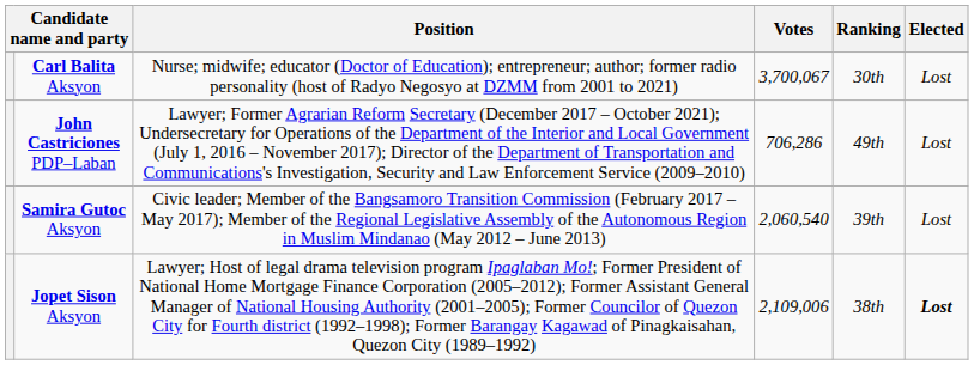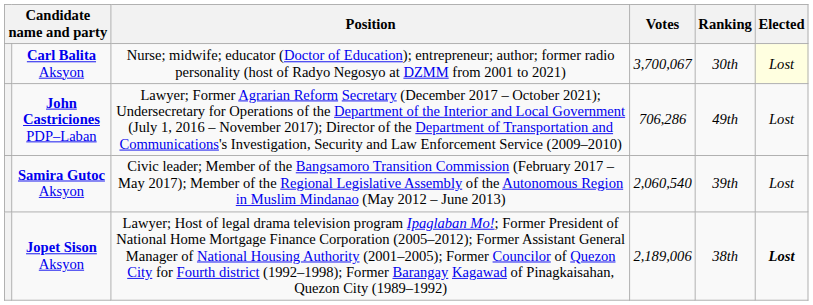 <table class="wikitable" style="margin-left: auto; margin-right: auto; border: none; text-align:center; font-size:100%">
 <tr>
 <th colspan="2">Candidate name and party</th>
 <th>Position</th>
 <th>Votes</th>
 <th>Ranking</th>
 <th>Elected</th>
 </tr>
 <tr>
 <th style="background:"></th>
 <td><strong><a href='#'>Carl Balita</a></strong><br><a href='#'>Aksyon</a></td>
 <td>Nurse; midwife; educator (<a href='#'>Doctor of Education</a>); entrepreneur; author; former radio personality (host of Radyo Negosyo at <a href='#'>DZMM</a> from 2001 to 2021)</td>
 <td><em>3,700,067</em></td>
 <td><em>30th</em></td>
-<td><em>Lost</em></td>
+<td style="background: lightyellow;"><em>Lost</em></td>
 </tr>
 <tr>
 <th style="background:"></th>
 <td><strong><a href='#'>John Castriciones</a></strong><br><a href='#'>PDP–Laban</a></td>
 <td>Lawyer; Former <a href='#'>Agrarian Reform</a> <a href='#'>Secretary</a> (December 2017 – October 2021); Undersecretary for Operations of the <a href='#'>Department of the Interior and Local Government</a>  (July 1, 2016 – November 2017);  Director of the <a href='#'>Department of Transportation and Communications</a>'s Investigation, Security and Law Enforcement Service (2009–2010)</td>
 <td><em>706,286</em></td>
 <td><em>49th</em></td>
 <td><em>Lost</em></td>
 </tr>
 <tr>
 <th style="background:"></th>
 <td><strong><a href='#'>Samira Gutoc</a></strong><br><a href='#'>Aksyon</a></td>
 <td>Civic leader; Member of the <a href='#'>Bangsamoro Transition Commission</a> (February 2017 – May 2017); Member of the <a href='#'>Regional Legislative Assembly</a> of the <a href='#'>Autonomous Region in Muslim Mindanao</a> (May 2012 – June 2013)</td>
 <td><em>2,060,540</em></td>
 <td><em>39th</em></td>
 <td><em>Lost</em></td>
 </tr>
 <tr>
 <th style="background:"></th>
 <td><strong><a href='#'>Jopet Sison</a></strong><br><a href='#'>Aksyon</a></td>
 <td>Lawyer; Host of legal drama television program <em><a href='#'>Ipaglaban Mo!</a></em>; Former President of National Home Mortgage Finance Corporation (2005–2012); Former Assistant General Manager of <a href='#'>National Housing Authority</a> (2001–2005); Former <a href='#'>Councilor</a> of <a href='#'>Quezon City</a> for <a href='#'>Fourth district</a> (1992–1998); Former <a href='#'>Barangay</a> <a href='#'>Kagawad</a> of Pinagkaisahan, Quezon City (1989–1992)</td>
-<td><em>2,109,006</em></td>
+<td><em>2,189,006</em></td>
 <td><em>38th</em></td>
 <td><strong><em>Lost</em></strong></td>
 </tr>
 </table>
